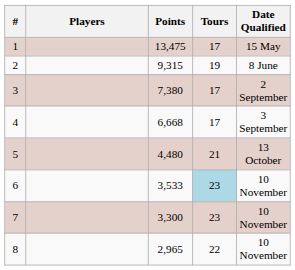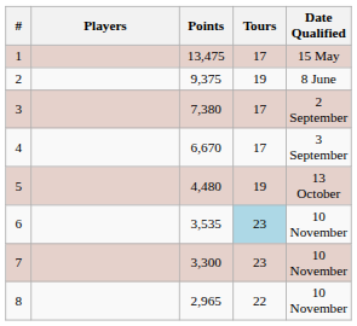 <table class="sortable wikitable" style="float:right;margin-left:1em;text-align:center;font-size:90%;text:justify;">
 <tr>
 <th width=20>#</th>
 <th width=150>Players</th>
 <th width=50>Points</th>
 <th width=50>Tours</th>
 <th width=60>Date Qualified</th>
 </tr>
 <tr bgcolor=#e5d1cb>
 <td>1</td>
 <td align=left></td>
 <td>13,475</td>
 <td>17</td>
 <td>15 May</td>
 </tr>
 <tr align=center>
 <td>2</td>
 <td align=left></td>
-<td>9,315</td>
+<td>9,375</td>
 <td>19</td>
 <td>8 June</td>
 </tr>
 <tr bgcolor=#e5d1cb>
 <td>3</td>
 <td align=left></td>
 <td>7,380</td>
 <td>17</td>
 <td>2 September</td>
 </tr>
 <tr align=center>
 <td>4</td>
 <td align=left></td>
-<td>6,668</td>
+<td>6,670</td>
 <td>17</td>
 <td>3 September</td>
 </tr>
 <tr bgcolor=#e5d1cb>
 <td>5</td>
 <td align=left></td>
 <td>4,480</td>
-<td>21</td>
+<td>19</td>
 <td>13 October</td>
 </tr>
 <tr>
 <td>6</td>
 <td align=left></td>
-<td>3,533</td>
+<td>3,535</td>
 <td style="background: lightblue;">23</td>
 <td>10 November</td>
 </tr>
 <tr bgcolor=#e5d1cb>
 <td>7</td>
 <td align=left></td>
 <td>3,300</td>
 <td>23</td>
 <td>10 November</td>
 </tr>
 <tr>
 <td>8</td>
 <td align=left></td>
 <td>2,965</td>
 <td>22</td>
 <td>10 November</td>
 </tr>
 </table>
